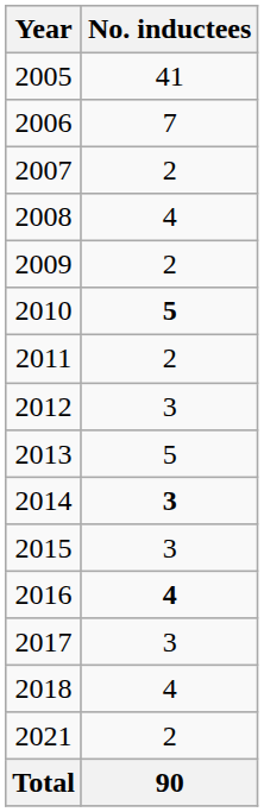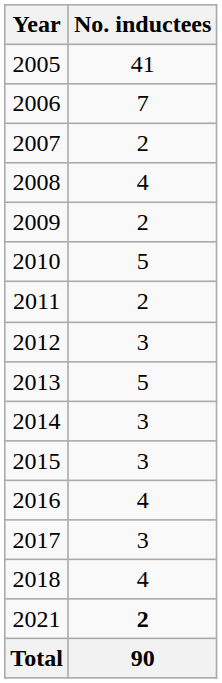 <table class="wikitable" style="text-align:center; font-size: 95%;">
 <tr>
 <th>Year</th>
 <th>No. inductees</th>
 </tr>
 <tr>
 <td>2005</td>
 <td>41</td>
 </tr>
 <tr>
 <td>2006</td>
 <td>7</td>
 </tr>
 <tr>
 <td>2007</td>
 <td>2</td>
 </tr>
 <tr>
 <td>2008</td>
 <td>4</td>
 </tr>
 <tr>
 <td>2009</td>
 <td>2</td>
 </tr>
 <tr>
 <td>2010</td>
-<td><strong>5</strong></td>
+<td>5</td>
 </tr>
 <tr>
 <td>2011</td>
 <td>2</td>
 </tr>
 <tr>
 <td>2012</td>
 <td>3</td>
 </tr>
 <tr>
 <td>2013</td>
 <td>5</td>
 </tr>
 <tr>
 <td>2014</td>
-<td><strong>3</strong></td>
+<td>3</td>
 </tr>
 <tr>
 <td>2015</td>
 <td>3</td>
 </tr>
 <tr>
 <td>2016</td>
-<td><strong>4</strong></td>
+<td>4</td>
 </tr>
 <tr>
 <td>2017</td>
 <td>3</td>
 </tr>
 <tr>
 <td>2018</td>
 <td>4</td>
 </tr>
 <tr>
 <td>2021</td>
-<td>2</td>
+<td><strong>2</strong></td>
 </tr>
 <tr>
 <th>Total</th>
 <th>90</th>
 </tr>
 </table>
